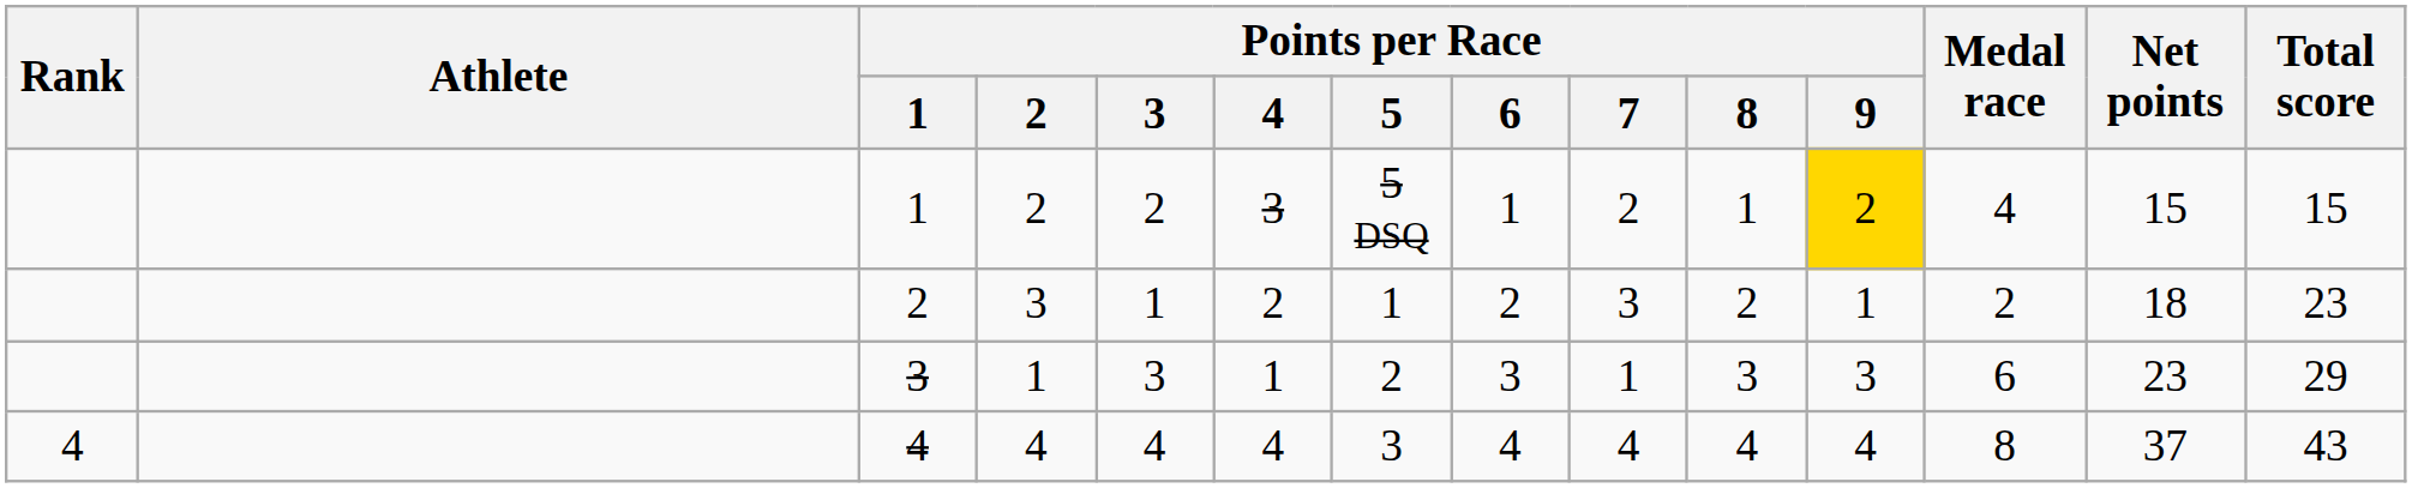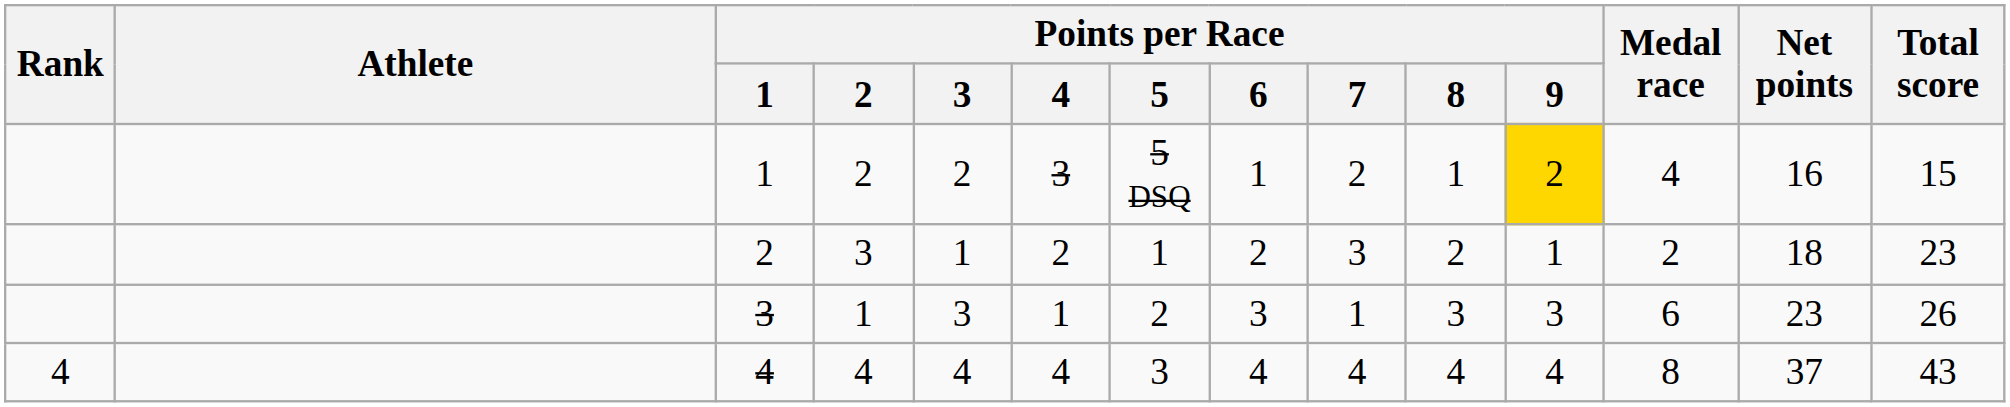 <table | class="wikitable Sortable" style="text-align:center">
 <tr>
 <th rowspan="2" width=40>Rank</th>
 <th rowspan="2" width=250>Athlete</th>
 <th colspan="9">Points per Race</th>
 <th rowspan="2" width=50>Medal race</th>
 <th rowspan="2" width=50>Net points</th>
 <th rowspan="2" width=50>Total score</th>
 </tr>
 <tr>
 <th width=35>1</th>
 <th width=35>2</th>
 <th width=35>3</th>
 <th width=35>4</th>
 <th width=35>5</th>
 <th width=35>6</th>
 <th width=35>7</th>
 <th width=35>8</th>
 <th width=35>9</th>
 </tr>
 <tr>
 <td></td>
 <td align=left> </td>
 <td>1</td>
 <td>2</td>
 <td>2</td>
 <td><s>3</s></td>
 <td><s>5</s><s><br><small>DSQ</small></s></td>
 <td>1</td>
 <td>2</td>
 <td>1</td>
 <td style="background: gold;">2</td>
 <td>4</td>
-<td>15</td>
+<td>16</td>
 <td>15</td>
 </tr>
 <tr>
 <td></td>
 <td align=left> </td>
 <td>2</td>
 <td>3</td>
 <td>1</td>
 <td>2</td>
 <td>1</td>
 <td>2</td>
 <td>3</td>
 <td>2</td>
 <td>1</td>
 <td>2</td>
 <td>18</td>
 <td>23</td>
 </tr>
 <tr>
 <td></td>
 <td align=left> </td>
 <td><s>3</s></td>
 <td>1</td>
 <td>3</td>
 <td>1</td>
 <td>2</td>
 <td>3</td>
 <td>1</td>
 <td>3</td>
 <td>3</td>
 <td>6</td>
 <td>23</td>
-<td>29</td>
+<td>26</td>
 </tr>
 <tr>
 <td>4</td>
 <td align=left> </td>
 <td><s>4</s></td>
 <td>4</td>
 <td>4</td>
 <td>4</td>
 <td>3</td>
 <td>4</td>
 <td>4</td>
 <td>4</td>
 <td>4</td>
 <td>8</td>
 <td>37</td>
 <td>43</td>
 </tr>
 </table>
